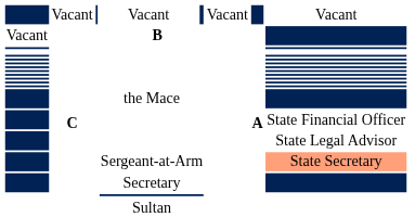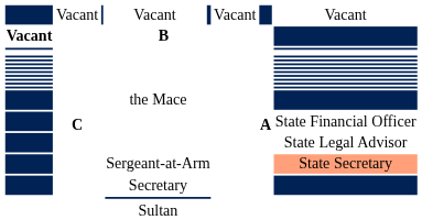 <table style="font-size:100%; text-align:center;">
 <tr>
 <td style="background-color:#002255;"></td>
 <td>Vacant</td>
 <td style="background-color:#002255;"></td>
 <td>Vacant</td>
 <td style="background-color:#002255;"></td>
 <td>Vacant</td>
 <td style="background-color:#002255;"></td>
 <td>Vacant</td>
 </tr>
 <tr>
-<td>Vacant</td>
+<td><strong>Vacant</strong></td>
 <td colspan="6"><strong>B</strong></td>
 <td style="background-color:#002255;"></td>
 </tr>
 <tr>
 <td style="background-color:#002255;"></td>
 <td></td>
 <td></td>
 <td></td>
 <td></td>
 <td></td>
 <td></td>
 <td style="background-color:#002255;"></td>
 </tr>
 <tr>
 <td></td>
 </tr>
 <tr>
 <td style="background-color:#002255;"></td>
 <td rowspan="14"><strong>C</strong></td>
 <td></td>
 <td></td>
 <td></td>
 <td></td>
 <td rowspan=14><strong>A</strong></td>
 <td style="background-color:#002255;"></td>
 </tr>
 <tr>
 <td style="background-color:#002255;"></td>
 <td></td>
 <td></td>
 <td></td>
 <td></td>
 <td style="background-color:#002255;"></td>
 </tr>
 <tr>
 <td style="background-color:#002255;"></td>
 <td></td>
 <td></td>
 <td></td>
 <td></td>
 <td style="background-color:#002255;"></td>
 </tr>
 <tr>
 <td style="background-color:#002255;"></td>
 <td></td>
 <td></td>
 <td></td>
 <td></td>
 <td style="background-color:#002255;"></td>
 </tr>
 <tr>
 <td style="background-color:#002255;"></td>
 <td></td>
 <td></td>
 <td></td>
 <td></td>
 <td style="background-color:#002255;"></td>
 </tr>
 <tr>
 <td style="background-color:#002255;"></td>
 <td></td>
 <td></td>
 <td></td>
 <td></td>
 <td style="background-color:#002255;"></td>
 </tr>
 <tr>
 <td style="background-color:#002255;"></td>
 <td></td>
 <td></td>
 <td></td>
 <td></td>
 <td style="background-color:#002255;"></td>
 </tr>
 <tr>
 <td style="background-color:#002255;"></td>
 <td></td>
 <td></td>
 <td></td>
 <td></td>
 <td style="background-color:#002255;"></td>
 </tr>
 <tr>
 <td style="background-color:#002255;"></td>
 <td></td>
 <td></td>
 <td></td>
 <td></td>
 <td style="background-color:#002255;"></td>
 </tr>
 <tr>
 <td style="background-color:#002255;"></td>
 <td></td>
 <td colspan=2>the Mace</td>
 <td></td>
 <td style="background-color:#002255;"></td>
 </tr>
 <tr>
 <td style="background-color:#002255;"></td>
 <td></td>
 <td></td>
 <td></td>
 <td></td>
 <td>State Financial Officer</td>
 </tr>
 <tr>
 <td style="background-color:#002255;"></td>
 <td></td>
 <td></td>
 <td></td>
 <td></td>
 <td>State Legal Advisor</td>
 </tr>
 <tr>
 <td style="background-color:#002255;"></td>
 <td></td>
 <td colspan=2>Sergeant-at-Arm</td>
 <td></td>
 <td style="background: lightsalmon;">State Secretary</td>
 </tr>
 <tr>
 <td style="background-color:#002255;"></td>
 <td></td>
 <td colspan=2>Secretary</td>
 <td></td>
 <td style="background-color:#002255;"></td>
 </tr>
 <tr>
 <td></td>
 <td></td>
 <td></td>
 <td colspan=2 style="background-color:#002255;"></td>
 <td></td>
 <td></td>
 <td></td>
 </tr>
 <tr>
 <td></td>
 <td></td>
 <td></td>
 <td colspan=2>Sultan</td>
 <td></td>
 <td></td>
 <td></td>
 </tr>
 </table>
